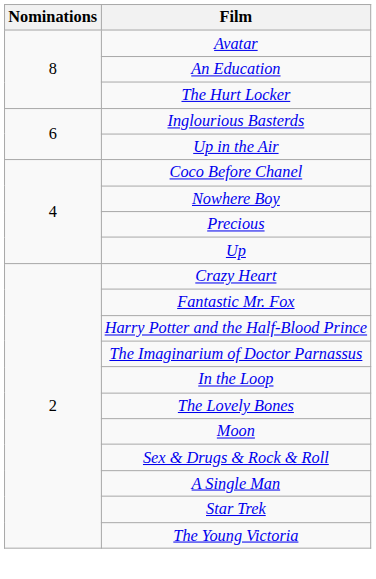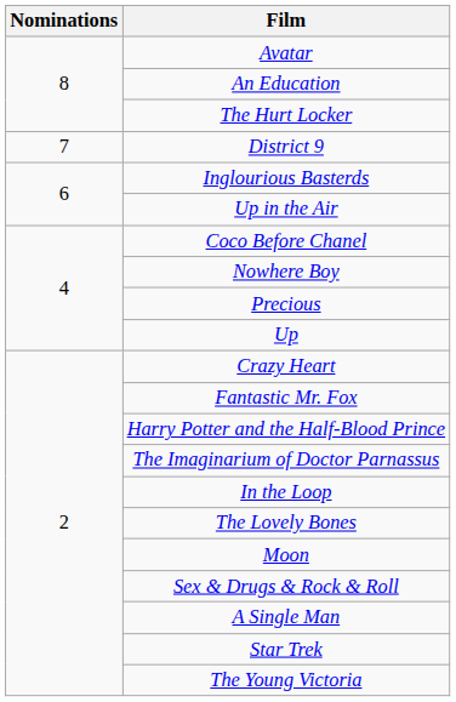 <table class="wikitable" style="text-align:center;">
 <tr>
 <th style="background:">Nominations</th>
 <th style="background:">Film</th>
 </tr>
 <tr>
 <td rowspan="3">8</td>
 <td><em><a href='#'>Avatar</a></em></td>
 </tr>
 <tr>
 <td><em><a href='#'>An Education</a></em></td>
 </tr>
 <tr>
 <td><em><a href='#'>The Hurt Locker</a></em></td>
+</tr>
+<tr>
+<td>7</td>
+<td><em><a href='#'>District 9</a></em></td>
 </tr>
 <tr>
 <td rowspan="2">6</td>
 <td><em><a href='#'>Inglourious Basterds</a></em></td>
 </tr>
 <tr>
 <td><em><a href='#'>Up in the Air</a></em></td>
 </tr>
 <tr>
 <td rowspan="4">4</td>
 <td><em><a href='#'>Coco Before Chanel</a></em></td>
 </tr>
 <tr>
 <td><em><a href='#'>Nowhere Boy</a></em></td>
 </tr>
 <tr>
 <td><em><a href='#'>Precious</a></em></td>
 </tr>
 <tr>
 <td><em><a href='#'>Up</a></em></td>
 </tr>
 <tr>
 <td rowspan="11">2</td>
 <td><em><a href='#'>Crazy Heart</a></em></td>
 </tr>
 <tr>
 <td><em><a href='#'>Fantastic Mr. Fox</a></em></td>
 </tr>
 <tr>
 <td><em><a href='#'>Harry Potter and the Half-Blood Prince</a></em></td>
 </tr>
 <tr>
 <td><em><a href='#'>The Imaginarium of Doctor Parnassus</a></em></td>
 </tr>
 <tr>
 <td><em><a href='#'>In the Loop</a></em></td>
 </tr>
 <tr>
 <td><em><a href='#'>The Lovely Bones</a></em></td>
 </tr>
 <tr>
 <td><em><a href='#'>Moon</a></em></td>
 </tr>
 <tr>
 <td><em><a href='#'>Sex & Drugs & Rock & Roll</a></em></td>
 </tr>
 <tr>
 <td><em><a href='#'>A Single Man</a></em></td>
 </tr>
 <tr>
 <td><em><a href='#'>Star Trek</a></em></td>
 </tr>
 <tr>
 <td><em><a href='#'>The Young Victoria</a></em></td>
 </tr>
 </table>
